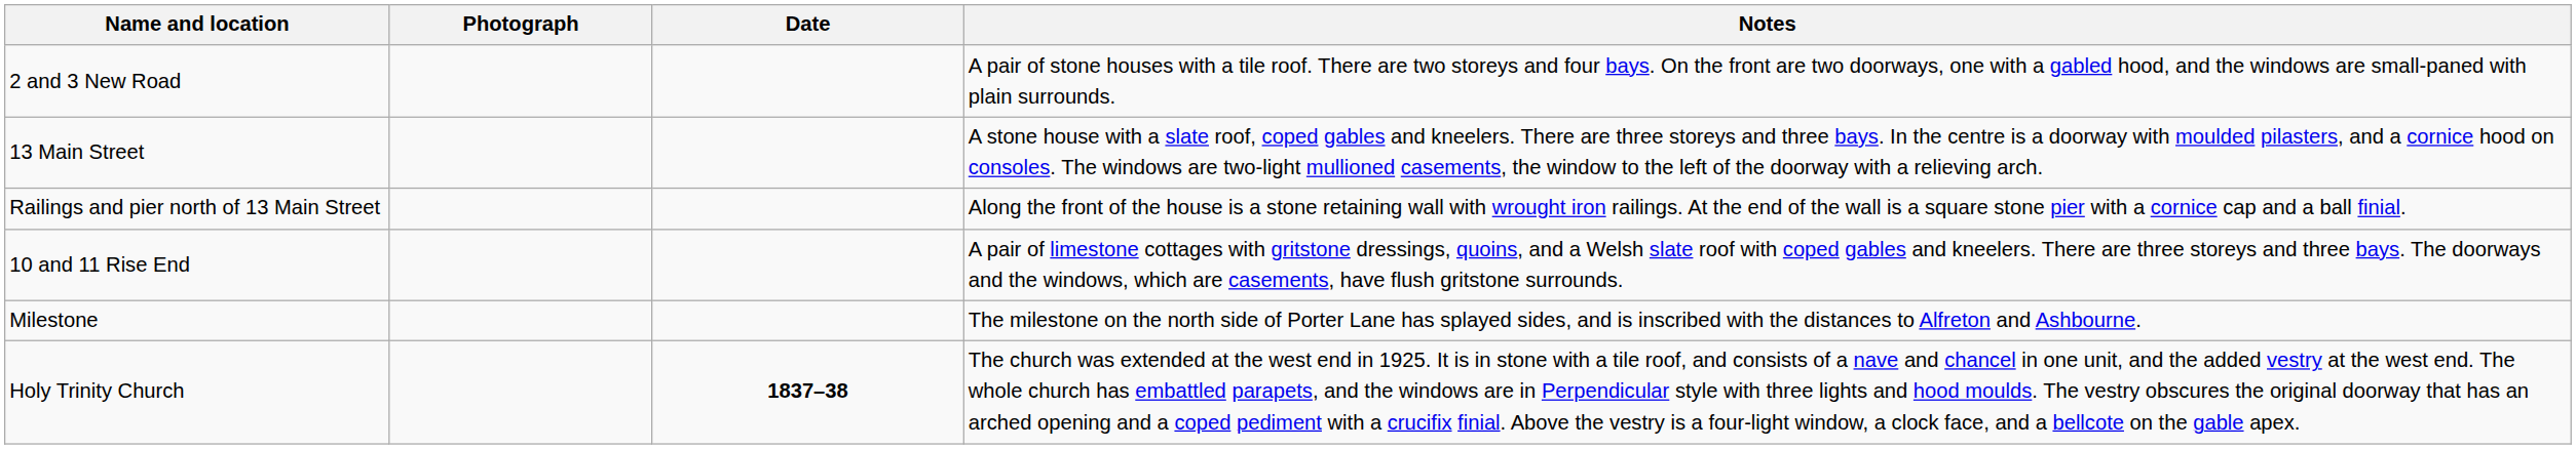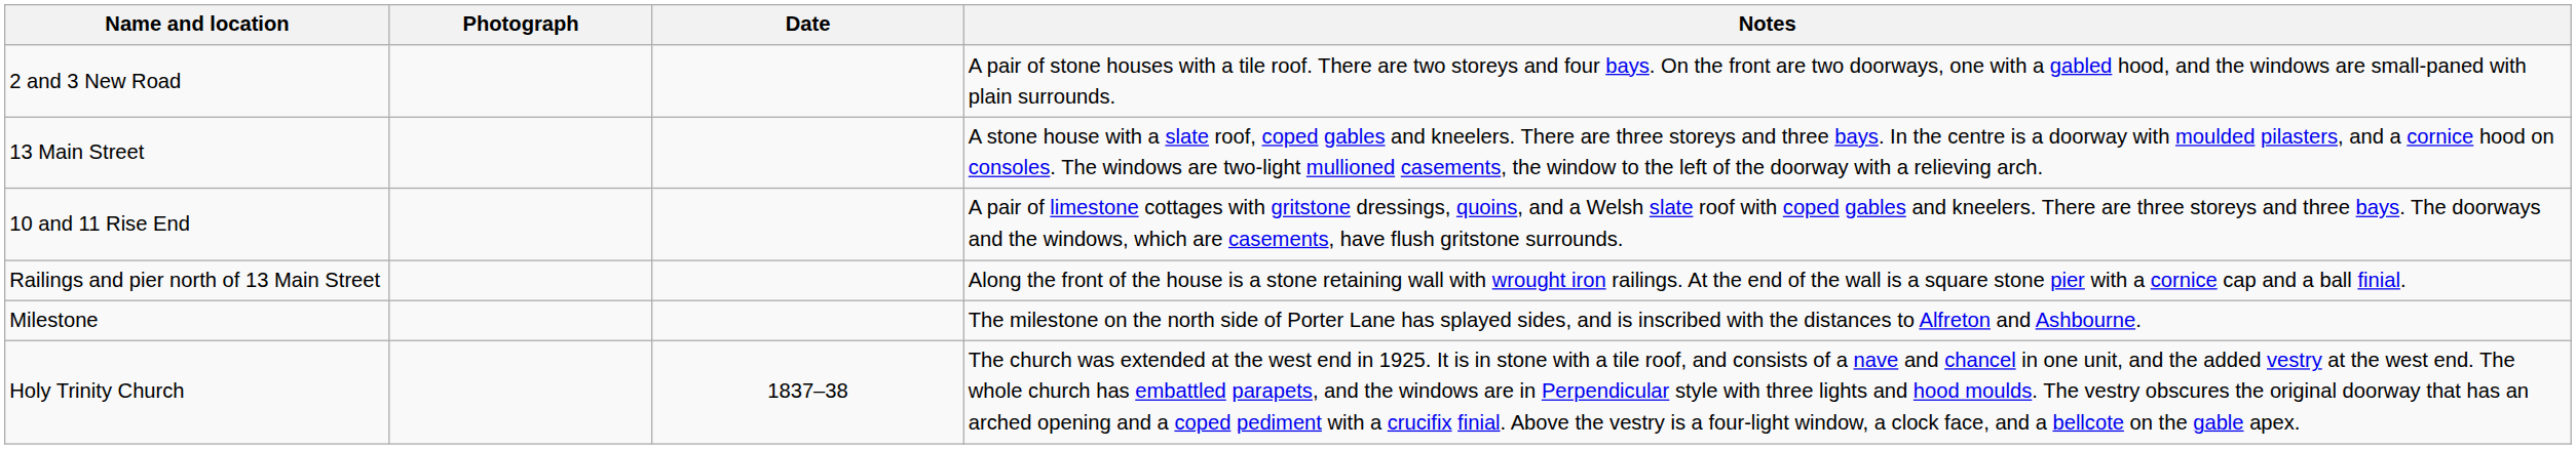 <table class="wikitable sortable plainrowheaders" style="width:100%;border:0px;text-align:left;line-height:150%;">
 <tr>
 <th scope="col"  style="width:150px">Name and location</th>
 <th scope="col"  style="width:100px" class="unsortable">Photograph</th>
 <th scope="col"  style="width:120px">Date</th>
 <th scope="col"  style="width:650px" class="unsortable">Notes</th>
 </tr>
 <tr>
 <td>2 and 3 New Road<br><small></small></td>
 <td></td>
 <td align="center"></td>
 <td>A pair of stone houses with a tile roof.  There are two storeys and four <a href='#'>bays</a>.  On the front are two doorways, one with a <a href='#'>gabled</a> hood, and the windows are small-paned with plain surrounds.</td>
 </tr>
 <tr>
 <td>13 Main Street<br><small></small></td>
 <td></td>
 <td align="center"></td>
 <td>A stone house with a <a href='#'>slate</a> roof, <a href='#'>coped</a> <a href='#'>gables</a> and kneelers.  There are three storeys and three <a href='#'>bays</a>.  In the centre is a doorway with <a href='#'>moulded</a> <a href='#'>pilasters</a>, and a <a href='#'>cornice</a> hood on <a href='#'>consoles</a>.  The windows are two-light <a href='#'>mullioned</a> <a href='#'>casements</a>, the window to the left of the doorway with a relieving arch.</td>
 </tr>
 <tr>
+<td>10 and 11 Rise End<br><small></small></td>
+<td></td>
+<td align="center"></td>
+<td>A pair of <a href='#'>limestone</a> cottages with <a href='#'>gritstone</a> dressings, <a href='#'>quoins</a>, and a Welsh <a href='#'>slate</a> roof with <a href='#'>coped</a> <a href='#'>gables</a> and kneelers.  There are three storeys and three <a href='#'>bays</a>.  The doorways and the windows, which are <a href='#'>casements</a>, have flush gritstone surrounds.</td>
+</tr>
+<tr>
 <td>Railings and pier north of 13 Main Street<br><small></small></td>
 <td></td>
 <td align="center"></td>
 <td>Along the front of the house is a stone retaining wall with <a href='#'>wrought iron</a> railings.  At the end of the wall is a square stone <a href='#'>pier</a> with a <a href='#'>cornice</a> cap and a ball <a href='#'>finial</a>.</td>
-</tr>
-<tr>
-<td>10 and 11 Rise End<br><small></small></td>
-<td></td>
-<td align="center"></td>
-<td>A pair of <a href='#'>limestone</a> cottages with <a href='#'>gritstone</a> dressings, <a href='#'>quoins</a>, and a Welsh <a href='#'>slate</a> roof with <a href='#'>coped</a> <a href='#'>gables</a> and kneelers.  There are three storeys and three <a href='#'>bays</a>.  The doorways and the windows, which are <a href='#'>casements</a>, have flush gritstone surrounds.</td>
 </tr>
 <tr>
 <td>Milestone<br><small></small></td>
 <td></td>
 <td align="center"></td>
 <td>The milestone on the north side of Porter Lane has splayed sides, and is inscribed with the distances to <a href='#'>Alfreton</a> and <a href='#'>Ashbourne</a>.</td>
 </tr>
 <tr>
 <td>Holy Trinity Church<br><small></small></td>
 <td></td>
-<td align="center"><strong>1837–38</strong></td>
+<td align="center">1837–38</td>
 <td>The church was extended at the west end in 1925.  It is in stone with a tile roof, and consists of a <a href='#'>nave</a> and <a href='#'>chancel</a> in one unit, and the added <a href='#'>vestry</a> at the west end.  The whole church has <a href='#'>embattled</a> <a href='#'>parapets</a>, and the windows are in <a href='#'>Perpendicular</a> style with three lights and <a href='#'>hood moulds</a>.  The vestry obscures the original doorway that has an arched opening and a <a href='#'>coped</a> <a href='#'>pediment</a> with a <a href='#'>crucifix</a> <a href='#'>finial</a>.  Above the vestry is a four-light window, a clock face, and a <a href='#'>bellcote</a> on the <a href='#'>gable</a> apex.</td>
 </tr>
 <tr>
 </tr>
 </table>
